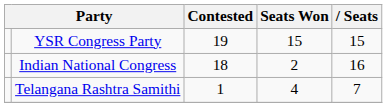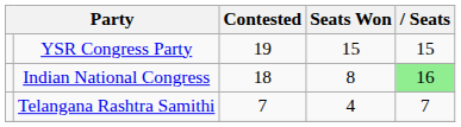 <table class="wikitable" style="text-align:center">
 <tr>
 <th colspan=2>Party</th>
 <th>Contested</th>
 <th>Seats Won</th>
 <th>/ Seats</th>
 </tr>
 <tr>
 <td></td>
 <td><a href='#'>YSR Congress Party</a></td>
 <td>19</td>
 <td>15</td>
 <td> 15</td>
 </tr>
 <tr>
 <td></td>
 <td><a href='#'>Indian National Congress</a></td>
 <td>18</td>
-<td>2</td>
-<td> 16</td>
+<td>8</td>
+<td style="background: lightgreen;"> 16</td>
 </tr>
 <tr>
 <td></td>
 <td><a href='#'>Telangana Rashtra Samithi</a></td>
-<td>1</td>
+<td>7</td>
 <td>4</td>
 <td> 7</td>
 </tr>
 <tr>
 </tr>
 </table>
